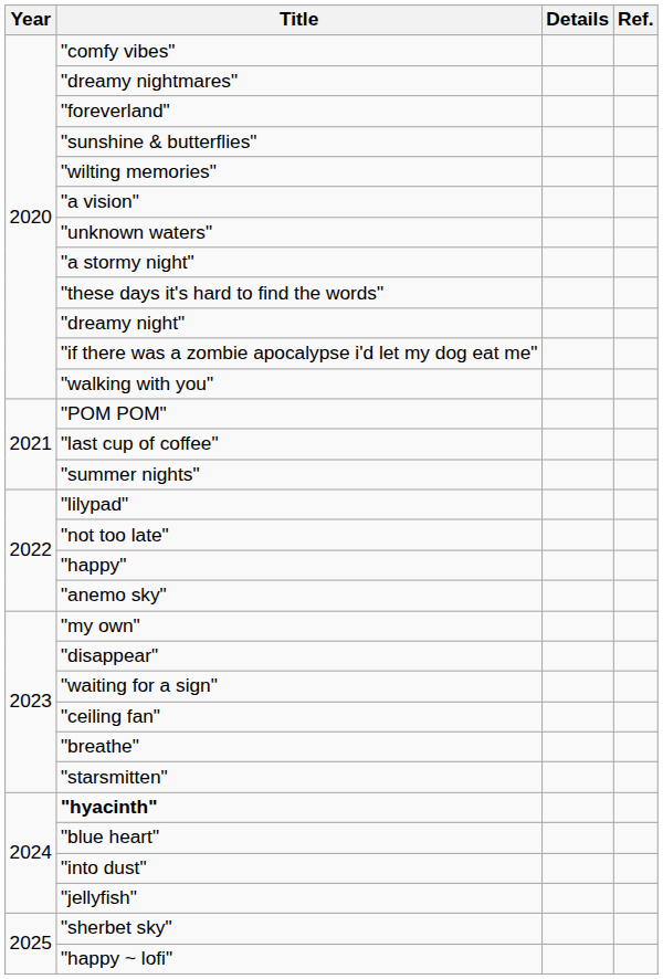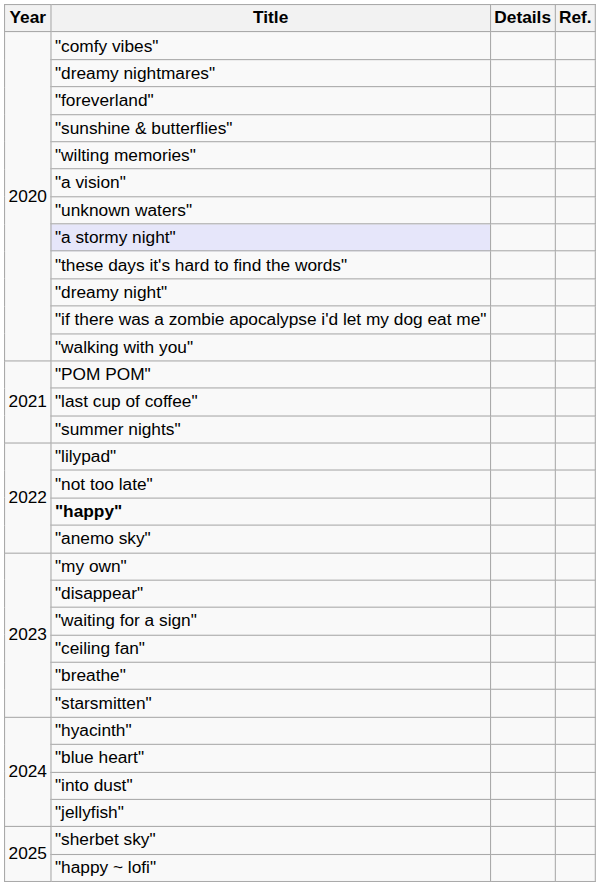 <table class="wikitable">
 <tr>
 <th>Year</th>
 <th>Title</th>
 <th>Details</th>
 <th>Ref.</th>
 </tr>
 <tr>
 <td rowspan="12">2020</td>
 <td>"comfy vibes"</td>
 <td></td>
 <td></td>
 </tr>
 <tr>
 <td>"dreamy nightmares"</td>
 <td></td>
 <td></td>
 </tr>
 <tr>
 <td>"foreverland"</td>
 <td></td>
 <td></td>
 </tr>
 <tr>
 <td>"sunshine & butterflies"</td>
 <td></td>
 <td></td>
 </tr>
 <tr>
 <td>"wilting memories"</td>
 <td></td>
 <td></td>
 </tr>
 <tr>
 <td>"a vision"</td>
 <td></td>
 <td></td>
 </tr>
 <tr>
 <td>"unknown waters"</td>
 <td></td>
 <td></td>
 </tr>
 <tr>
-<td>"a stormy night"</td>
+<td style="background: lavender;">"a stormy night"</td>
 <td></td>
 <td align="center"></td>
 </tr>
 <tr>
 <td>"these days it's hard to find the words"</td>
 <td></td>
 <td></td>
 </tr>
 <tr>
 <td>"dreamy night"</td>
 <td></td>
 <td></td>
 </tr>
 <tr>
 <td>"if there was a zombie apocalypse i'd let my dog eat me"</td>
 <td></td>
 <td align="center"></td>
 </tr>
 <tr>
 <td>"walking with you"</td>
 <td></td>
 <td></td>
 </tr>
 <tr>
 <td rowspan="3">2021</td>
 <td>"POM POM"</td>
 <td></td>
 <td></td>
 </tr>
 <tr>
 <td>"last cup of coffee"</td>
 <td></td>
 <td align="center"></td>
 </tr>
 <tr>
 <td>"summer nights"</td>
 <td></td>
 <td></td>
 </tr>
 <tr>
 <td rowspan="4">2022</td>
 <td>"lilypad"</td>
 <td></td>
 <td></td>
 </tr>
 <tr>
 <td>"not too late"</td>
 <td></td>
 <td></td>
 </tr>
 <tr>
-<td>"happy"</td>
+<td><strong>"happy"</strong></td>
 <td></td>
 <td></td>
 </tr>
 <tr>
 <td>"anemo sky"</td>
 <td></td>
 <td></td>
 </tr>
 <tr>
 <td rowspan="6">2023</td>
 <td>"my own"</td>
 <td></td>
 <td></td>
 </tr>
 <tr>
 <td>"disappear"</td>
 <td></td>
 <td></td>
 </tr>
 <tr>
 <td>"waiting for a sign"</td>
 <td></td>
 <td></td>
 </tr>
 <tr>
 <td>"ceiling fan"</td>
 <td></td>
 <td></td>
 </tr>
 <tr>
 <td>"breathe"</td>
 <td></td>
 <td></td>
 </tr>
 <tr>
 <td>"starsmitten"</td>
 <td></td>
 <td></td>
 </tr>
 <tr>
 <td rowspan="4">2024</td>
-<td><strong>"hyacinth"</strong></td>
+<td>"hyacinth"</td>
 <td></td>
 <td></td>
 </tr>
 <tr>
 <td>"blue heart"</td>
 <td><br></td>
 <td></td>
 </tr>
 <tr>
 <td>"into dust"</td>
 <td></td>
 <td></td>
 </tr>
 <tr>
 <td>"jellyfish"</td>
 <td></td>
 <td></td>
 </tr>
 <tr>
 <td rowspan="2">2025</td>
 <td>"sherbet sky"</td>
 <td></td>
 <td></td>
 </tr>
 <tr>
 <td>"happy ~ lofi"</td>
 <td></td>
 <td></td>
 </tr>
 </table>
